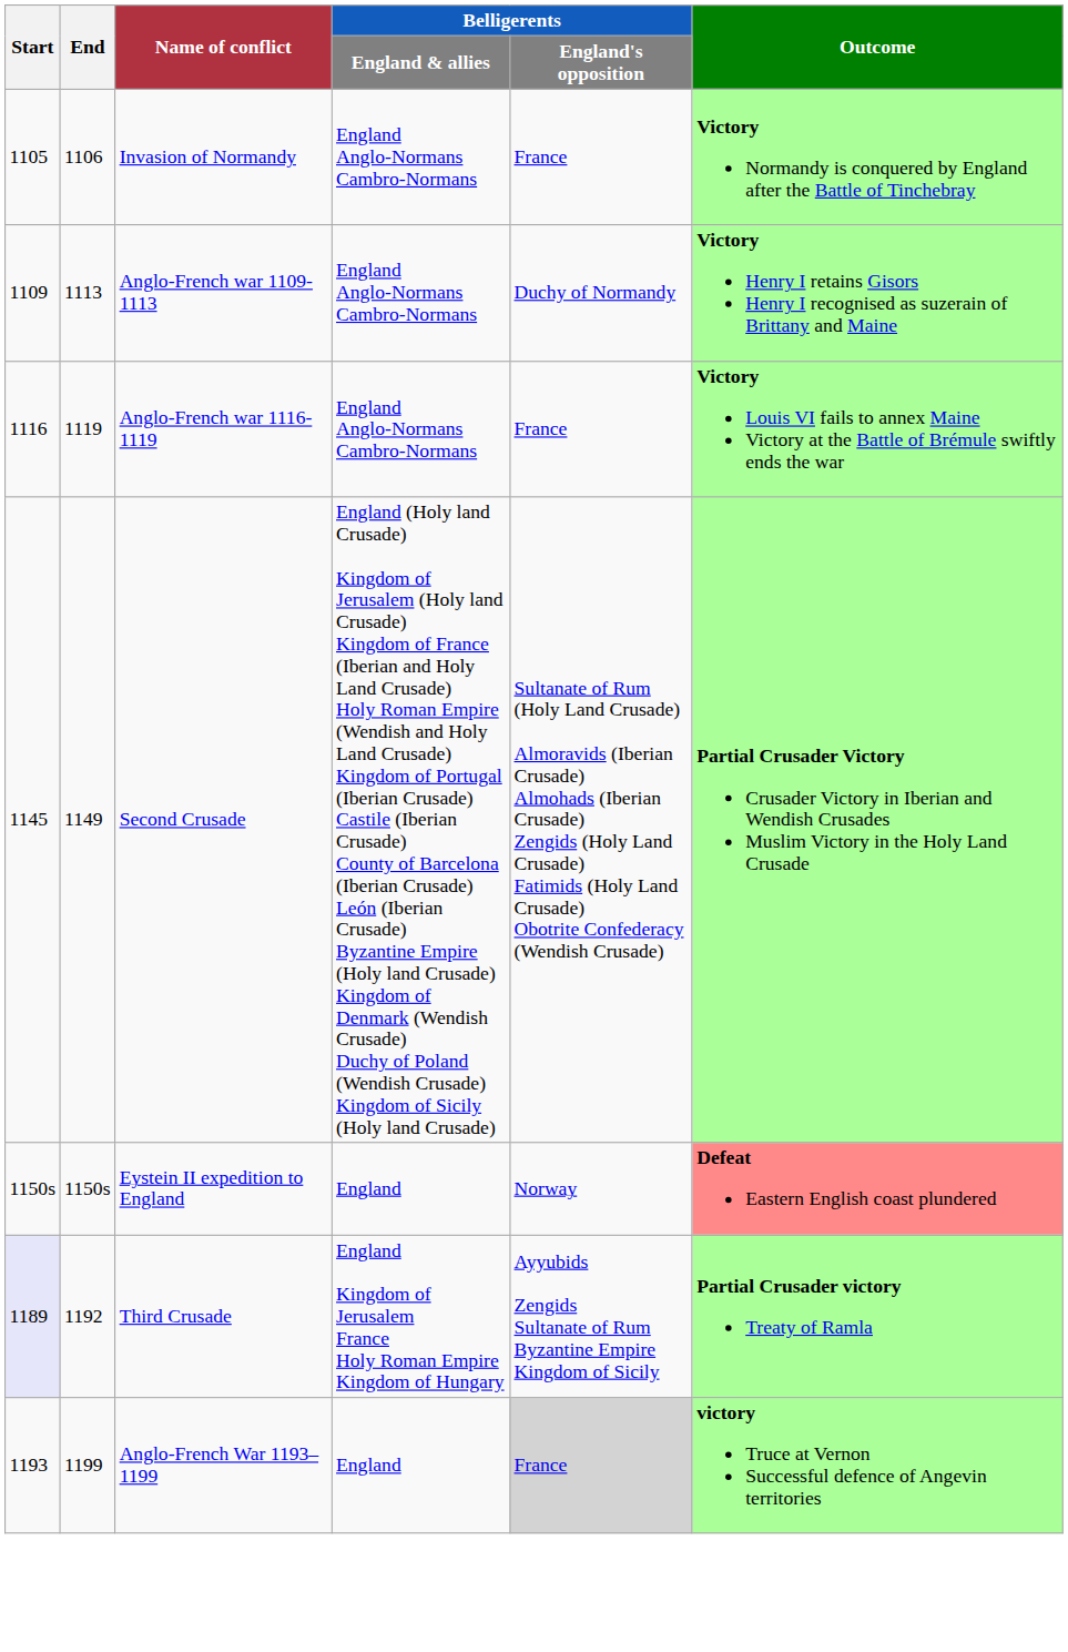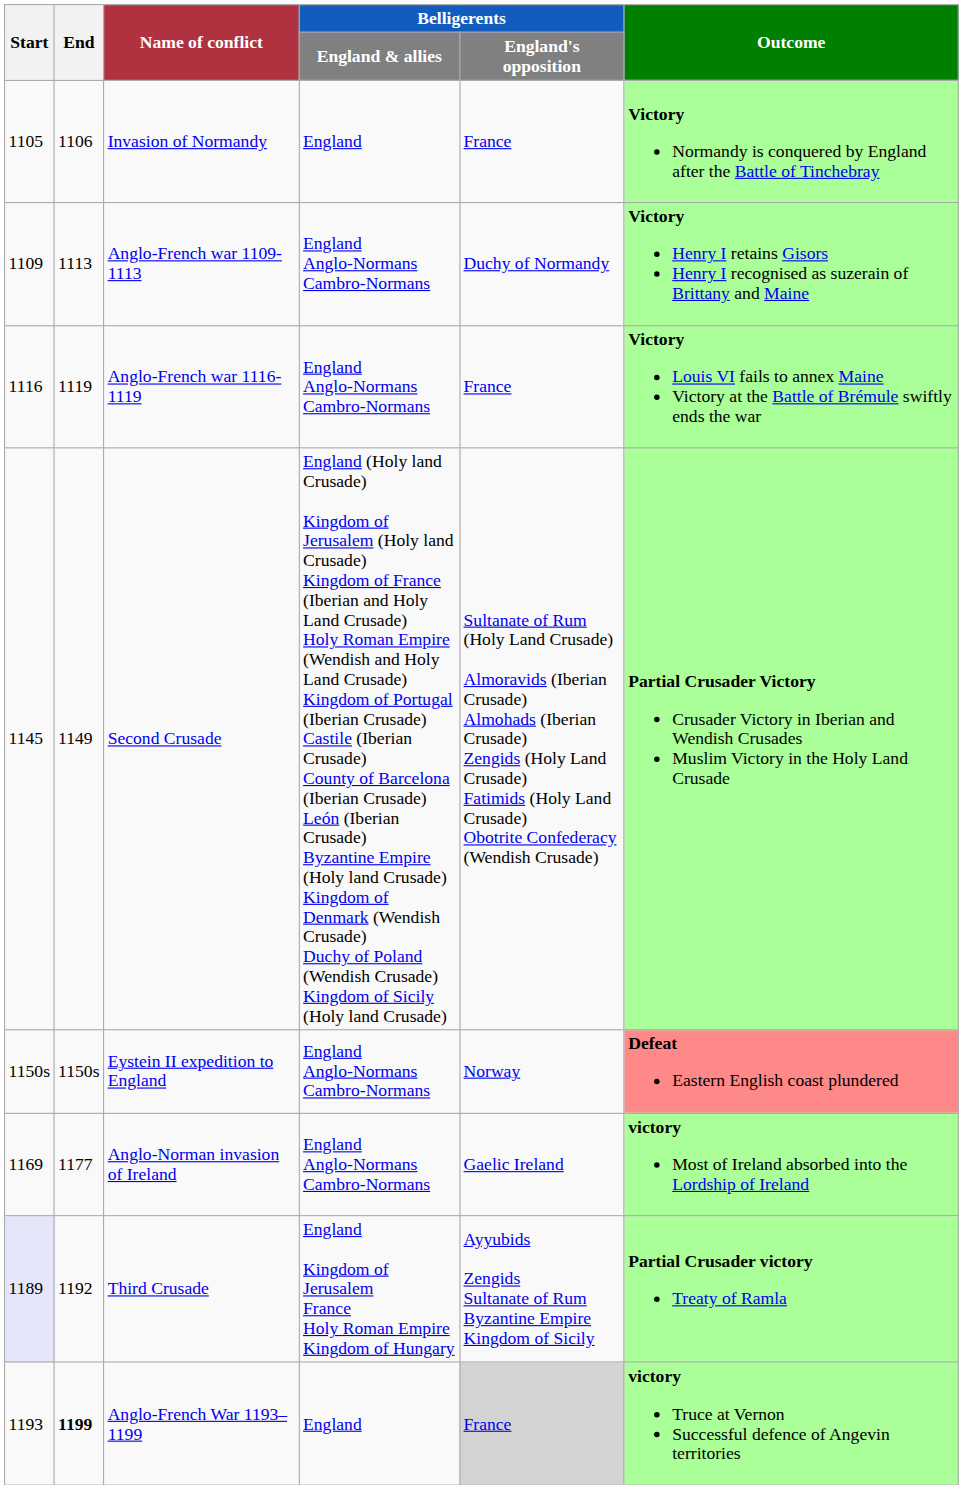 <table class="wikitable sortable">
 <tr>
 <th rowspan="2" width="25">Start</th>
 <th rowspan="2" width="25">End</th>
 <th style="color: white; background:#b0313f;" rowspan="2" width="200" class="unsortable">Name of conflict</th>
 <th style="color: white; background:#115cbc;" colspan="2" class="unsortable">Belligerents</th>
 <th style="color: white; background:green;" rowspan="2" width="350" class="unsortable">Outcome</th>
 </tr>
 <tr>
 <th style="color: white; background:gray;" width="160" class="unsortable">England & allies</th>
 <th style="color: white; background:gray;" width="160" class="unsortable">England's opposition</th>
 </tr>
 <tr>
 <td>1105</td>
 <td>1106</td>
 <td><a href='#'>Invasion of Normandy</a></td>
-<td> <a href='#'>England</a><br><a href='#'>Anglo-Normans</a> <a href='#'>Cambro-Normans</a></td>
+<td> <a href='#'>England</a></td>
 <td> <a href='#'>France</a></td>
 <td style="Background:#AF9"><br><strong>Victory</strong><ul><li>Normandy is conquered by England after the <a href='#'>Battle of Tinchebray</a></li></ul></td>
 </tr>
 <tr>
 <td>1109</td>
 <td>1113</td>
 <td><a href='#'>Anglo-French war 1109-1113</a></td>
 <td> <a href='#'>England</a><br><a href='#'>Anglo-Normans</a> <a href='#'>Cambro-Normans</a></td>
 <td> <a href='#'>Duchy of Normandy</a></td>
 <td style="Background:#AF9"><strong>Victory</strong><br><ul><li><a href='#'>Henry I</a> retains <a href='#'>Gisors</a></li><li><a href='#'>Henry I</a> recognised as suzerain of <a href='#'>Brittany</a> and <a href='#'>Maine</a></li></ul></td>
 </tr>
 <tr>
 <td>1116</td>
 <td>1119</td>
 <td><a href='#'>Anglo-French war 1116-1119</a></td>
 <td> <a href='#'>England</a><br><a href='#'>Anglo-Normans</a> <a href='#'>Cambro-Normans</a></td>
 <td> <a href='#'>France</a></td>
 <td style="Background:#AF9"><strong>Victory</strong><br><ul><li><a href='#'>Louis VI</a> fails to annex <a href='#'>Maine</a></li><li>Victory at the <a href='#'>Battle of Brémule</a> swiftly ends the war</li></ul></td>
 </tr>
 <tr>
 <td>1145</td>
 <td>1149</td>
 <td><a href='#'>Second Crusade</a></td>
 <td> <a href='#'>England</a> (Holy land Crusade)<br><br><a href='#'>Kingdom of Jerusalem</a> (Holy land Crusade)<br> <a href='#'>Kingdom of France</a> (Iberian and Holy Land Crusade)<br> <a href='#'>Holy Roman Empire</a> (Wendish and Holy Land Crusade)<br> <a href='#'>Kingdom of Portugal</a> (Iberian Crusade)<br> <a href='#'>Castile</a> (Iberian Crusade)<br> <a href='#'>County of Barcelona</a> (Iberian Crusade)<br> <a href='#'>León</a> (Iberian Crusade)<br> <a href='#'>Byzantine Empire</a> (Holy land Crusade)<br> <a href='#'>Kingdom of Denmark</a> (Wendish Crusade)<br> <a href='#'>Duchy of Poland</a> (Wendish Crusade)<br> <a href='#'>Kingdom of Sicily</a> (Holy land Crusade)</td>
 <td><a href='#'>Sultanate of Rum</a> (Holy Land Crusade)<br><br><a href='#'>Almoravids</a> (Iberian Crusade)<br> <a href='#'>Almohads</a> (Iberian Crusade)<br> <a href='#'>Zengids</a> (Holy Land Crusade)<br><a href='#'>Fatimids</a> (Holy Land Crusade)<br> <a href='#'>Obotrite Confederacy</a> (Wendish Crusade)</td>
 <td style="Background:#AF9"><strong>Partial Crusader Victory</strong><br><ul><li>Crusader Victory in Iberian and Wendish Crusades</li><li>Muslim Victory in the Holy Land Crusade</li></ul></td>
 </tr>
 <tr>
 <td>1150s</td>
 <td>1150s</td>
 <td><a href='#'>Eystein II expedition to England</a></td>
-<td> <a href='#'>England</a></td>
+<td> <a href='#'>England</a><br><a href='#'>Anglo-Normans</a> <a href='#'>Cambro-Normans</a></td>
 <td> <a href='#'>Norway</a></td>
 <td style="Background:#F88"><strong>Defeat</strong><br><ul><li>Eastern English coast plundered</li></ul></td>
+</tr>
+<tr>
+<td>1169</td>
+<td>1177</td>
+<td><a href='#'>Anglo-Norman invasion of Ireland</a></td>
+<td> <a href='#'>England</a><br><a href='#'>Anglo-Normans</a> <a href='#'>Cambro-Normans</a></td>
+<td><a href='#'>Gaelic Ireland</a></td>
+<td style="Background:#AF9"><strong>victory</strong><br><ul><li>Most of Ireland absorbed into the <a href='#'>Lordship of Ireland</a></li></ul></td>
 </tr>
 <tr>
 <td style="background: lavender;">1189</td>
 <td>1192</td>
 <td><a href='#'>Third Crusade</a></td>
 <td> <a href='#'>England</a><br><br><a href='#'>Kingdom of Jerusalem</a><br>  <a href='#'>France</a><br>  <a href='#'>Holy Roman Empire</a><br>  <a href='#'>Kingdom of Hungary</a></td>
 <td><a href='#'>Ayyubids</a><br><br><a href='#'>Zengids</a><br> <a href='#'>Sultanate of Rum</a><br> <a href='#'>Byzantine Empire</a><br> <a href='#'>Kingdom of Sicily</a></td>
 <td style="Background:#AF9"><strong>Partial Crusader victory</strong><br><ul><li><a href='#'>Treaty of Ramla</a></li></ul></td>
 </tr>
 <tr>
 <td>1193</td>
-<td>1199</td>
+<td><strong>1199</strong></td>
 <td><a href='#'>Anglo-French War 1193–1199</a></td>
 <td> <a href='#'>England</a><br></td>
 <td style="background: lightgrey;"> <a href='#'>France</a></td>
 <td style="Background:#AF9"><strong>victory</strong><br><ul><li>Truce at Vernon</li><li>Successful defence of Angevin territories</li></ul></td>
 </tr>
 </table>
